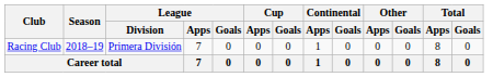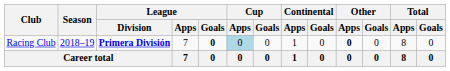 <table class="wikitable" style="text-align:center">
 <tr>
 <th rowspan="2">Club</th>
 <th rowspan="2">Season</th>
 <th colspan="3">League</th>
 <th colspan="2">Cup</th>
 <th colspan="2">Continental</th>
 <th colspan="2">Other</th>
 <th colspan="2">Total</th>
 </tr>
 <tr>
 <th>Division</th>
 <th>Apps</th>
 <th>Goals</th>
 <th>Apps</th>
 <th>Goals</th>
 <th>Apps</th>
 <th>Goals</th>
 <th>Apps</th>
 <th>Goals</th>
 <th>Apps</th>
 <th>Goals</th>
 </tr>
 <tr>
 <td rowspan="1"><a href='#'>Racing Club</a></td>
 <td><a href='#'>2018–19</a></td>
-<td rowspan="1"><a href='#'>Primera División</a></td>
+<td rowspan="1"><strong><a href='#'>Primera División</a></strong></td>
 <td>7</td>
-<td>0</td>
-<td>0</td>
+<td><strong>0</strong></td>
+<td style="background: lightblue;">0</td>
 <td>0</td>
 <td>1</td>
 <td>0</td>
-<td>0</td>
+<td><strong>0</strong></td>
 <td>0</td>
 <td>8</td>
 <td>0</td>
 </tr>
 <tr>
 <th colspan="3">Career total</th>
 <th>7</th>
 <th>0</th>
 <th>0</th>
 <th>0</th>
 <th>1</th>
 <th>0</th>
 <th>0</th>
 <th>0</th>
 <th>8</th>
 <th>0</th>
 </tr>
 </table>
